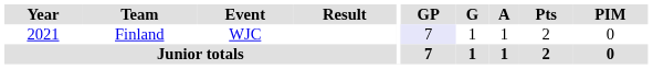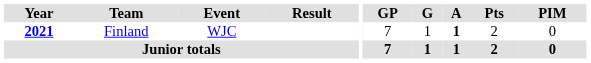 <table border="0" cellpadding="1" cellspacing="0" ID="Table3" style="text-align:center; width:40em">
 <tr ALIGN="center" bgcolor="#e0e0e0">
 <th>Year</th>
 <th>Team</th>
 <th>Event</th>
 <th>Result</th>
 <th rowspan="99" bgcolor="#ffffff"></th>
 <th>GP</th>
 <th>G</th>
 <th>A</th>
 <th>Pts</th>
 <th>PIM</th>
 </tr>
 <tr>
-<td><a href='#'>2021</a></td>
+<td><strong><a href='#'>2021</a></strong></td>
 <td><a href='#'>Finland</a></td>
 <td><a href='#'>WJC</a></td>
 <td></td>
-<td style="background: lavender;">7</td>
+<td>7</td>
 <td>1</td>
-<td>1</td>
+<td><strong>1</strong></td>
 <td>2</td>
 <td>0</td>
 </tr>
 <tr ALIGN="center" bgcolor="#e0e0e0">
 <th colspan=4>Junior totals</th>
 <th>7</th>
 <th>1</th>
 <th>1</th>
 <th>2</th>
 <th>0</th>
 </tr>
 </table>
